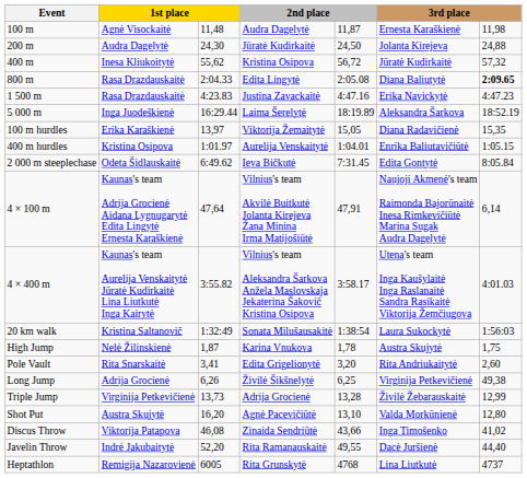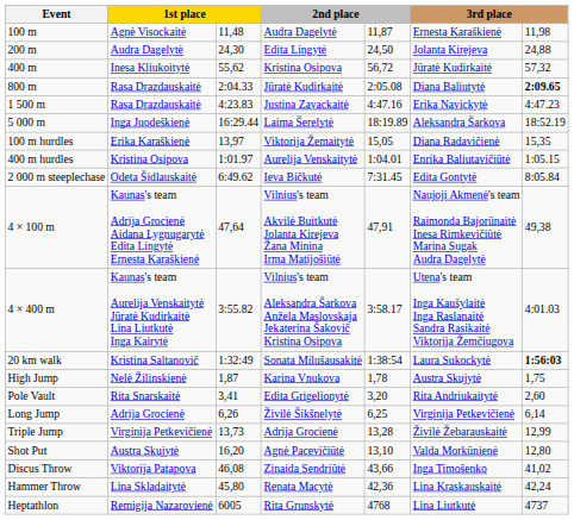 <table class="wikitable">
 <tr>
 <th>Event</th>
 <th style="background:gold;" colspan=2>1st place</th>
 <th style="background:silver;" colspan=2>2nd place</th>
 <th style="background:#CC9966;" colspan=2>3rd place</th>
 </tr>
 <tr>
 <td>100 m</td>
 <td><a href='#'>Agnė Visockaitė</a></td>
 <td>11,48</td>
 <td><a href='#'>Audra Dagelytė</a></td>
 <td>11,87</td>
 <td><a href='#'>Ernesta Karaškienė</a></td>
 <td>11,98</td>
 </tr>
 <tr>
 <td>200 m</td>
 <td><a href='#'>Audra Dagelytė</a></td>
 <td>24,30</td>
-<td><a href='#'>Jūratė Kudirkaitė</a></td>
+<td><a href='#'>Edita Lingytė</a></td>
 <td>24,50</td>
 <td><a href='#'>Jolanta Kirejeva</a></td>
 <td>24,88</td>
 </tr>
 <tr>
 <td>400 m</td>
 <td><a href='#'>Inesa Kliukoitytė</a></td>
 <td>55,62</td>
 <td><a href='#'>Kristina Osipova</a></td>
 <td>56,72</td>
 <td><a href='#'>Jūratė Kudirkaitė</a></td>
 <td>57,32</td>
 </tr>
 <tr>
 <td>800 m</td>
 <td><a href='#'>Rasa Drazdauskaitė</a></td>
 <td>2:04.33</td>
-<td><a href='#'>Edita Lingytė</a></td>
+<td><a href='#'>Jūratė Kudirkaitė</a></td>
 <td>2:05.08</td>
 <td><a href='#'>Diana Baliutytė</a></td>
 <td><strong>2:09.65</strong></td>
 </tr>
 <tr>
 <td>1 500 m</td>
 <td><a href='#'>Rasa Drazdauskaitė</a></td>
 <td>4:23.83</td>
 <td><a href='#'>Justina Zavackaitė</a></td>
 <td>4:47.16</td>
 <td><a href='#'>Erika Navickytė</a></td>
 <td>4:47.23</td>
 </tr>
 <tr>
 <td>5 000 m</td>
 <td><a href='#'>Inga Juodeškienė</a></td>
 <td>16:29.44</td>
 <td><a href='#'>Laima Šerelytė</a></td>
 <td>18:19.89</td>
 <td><a href='#'>Aleksandra Šarkova</a></td>
 <td>18:52.19</td>
 </tr>
 <tr>
 <td>100 m hurdles</td>
 <td><a href='#'>Erika Karaškienė</a></td>
 <td>13,97</td>
 <td><a href='#'>Viktorija Žemaitytė</a></td>
 <td>15,05</td>
 <td><a href='#'>Diana Radavičienė</a></td>
 <td>15,35</td>
 </tr>
 <tr>
 <td>400 m hurdles</td>
 <td><a href='#'>Kristina Osipova</a></td>
 <td>1:01.97</td>
 <td><a href='#'>Aurelija Venskaitytė</a></td>
 <td>1:04.01</td>
 <td><a href='#'>Enrika Baliutavičiūtė</a></td>
 <td>1:05.15</td>
 </tr>
 <tr>
 <td>2 000 m steeplechase</td>
 <td><a href='#'>Odeta Šidlauskaitė</a></td>
 <td>6:49.62</td>
 <td><a href='#'>Ieva Bičkutė</a></td>
 <td>7:31.45</td>
 <td><a href='#'>Edita Gontytė</a></td>
 <td>8:05.84</td>
 </tr>
 <tr>
 <td>4 × 100 m</td>
 <td><a href='#'>Kaunas</a>'s team <br><br><a href='#'>Adrija Grocienė</a> <br> <a href='#'>Aidana Lygnugarytė</a> <br> <a href='#'>Edita Lingytė</a> <br> <a href='#'>Ernesta Karaškienė</a></td>
 <td>47,64</td>
 <td><a href='#'>Vilnius</a>'s team<br><br><a href='#'>Akvilė Buitkutė</a> <br> <a href='#'>Jolanta Kirejeva</a> <br> <a href='#'>Žana Minina</a> <br> <a href='#'>Irma Matijošiūtė</a></td>
 <td>47,91</td>
 <td><a href='#'>Naujoji Akmenė</a>'s team <br><br><a href='#'>Raimonda Bajorūnaitė</a> <br> <a href='#'>Inesa Rimkevičiūtė</a> <br> <a href='#'>Marina Sugak</a> <br> <a href='#'>Audra Dagelytė</a></td>
-<td>6,14</td>
+<td>49,38</td>
 </tr>
 <tr>
 <td>4 × 400 m</td>
 <td><a href='#'>Kaunas</a>'s team <br><br><a href='#'>Aurelija Venskaitytė</a> <br> <a href='#'>Jūratė Kudirkaitė</a> <br> <a href='#'>Lina Liutkutė</a> <br> <a href='#'>Inga Kairytė</a></td>
 <td>3:55.82</td>
 <td><a href='#'>Vilnius</a>'s team <br><br><a href='#'>Aleksandra Šarkova</a> <br> <a href='#'>Anžela Maslovskaja</a> <br> <a href='#'>Jekaterina Šakovič</a> <br> <a href='#'>Kristina Osipova</a></td>
 <td>3:58.17</td>
 <td><a href='#'>Utena</a>'s team <br><br><a href='#'>Inga Kaušylaitė</a> <br> <a href='#'>Inga Raslanaitė</a> <br> <a href='#'>Sandra Rasikaitė</a> <br> <a href='#'>Viktorija Žemčiugova</a></td>
 <td>4:01.03</td>
 </tr>
 <tr>
 <td>20 km walk</td>
 <td><a href='#'>Kristina Saltanovič</a></td>
 <td>1:32:49</td>
 <td><a href='#'>Sonata Milušausakitė</a></td>
 <td>1:38:54</td>
 <td><a href='#'>Laura Sukockytė</a></td>
-<td>1:56:03</td>
+<td><strong>1:56:03</strong></td>
 </tr>
 <tr>
 <td>High Jump</td>
 <td><a href='#'>Nelė Žilinskienė</a></td>
 <td>1,87</td>
 <td><a href='#'>Karina Vnukova</a></td>
 <td>1,78</td>
 <td><a href='#'>Austra Skujytė</a></td>
 <td>1,75</td>
 </tr>
 <tr>
 <td>Pole Vault</td>
 <td><a href='#'>Rita Snarskaitė</a></td>
 <td>3,41</td>
 <td><a href='#'>Edita Grigelionytė</a></td>
 <td>3,20</td>
 <td><a href='#'>Rita Andriukaitytė</a></td>
 <td>2,60</td>
 </tr>
 <tr>
 <td>Long Jump</td>
 <td><a href='#'>Adrija Grocienė</a></td>
 <td>6,26</td>
 <td><a href='#'>Živilė Šikšnelytė</a></td>
 <td>6,25</td>
 <td><a href='#'>Virginija Petkevičienė</a></td>
-<td>49,38</td>
+<td>6,14</td>
 </tr>
 <tr>
 <td>Triple Jump</td>
 <td><a href='#'>Virginija Petkevičienė</a></td>
 <td>13,73</td>
 <td><a href='#'>Adrija Grocienė</a></td>
 <td>13,28</td>
 <td><a href='#'>Živilė Žebarauskaitė</a></td>
 <td>12,99</td>
 </tr>
 <tr>
 <td>Shot Put</td>
 <td><a href='#'>Austra Skujytė</a></td>
 <td>16,20</td>
 <td><a href='#'>Agnė Pacevičiūtė</a></td>
 <td>13,10</td>
 <td><a href='#'>Valda Morkūnienė</a></td>
 <td>12,80</td>
 </tr>
 <tr>
 <td>Discus Throw</td>
 <td><a href='#'>Viktorija Patapova</a></td>
 <td>46,08</td>
 <td><a href='#'>Zinaida Sendriūtė</a></td>
 <td>43,66</td>
 <td><a href='#'>Inga Timošenko</a></td>
 <td>41,02</td>
 </tr>
 <tr>
-<td>Javelin Throw</td>
-<td><a href='#'>Indrė Jakubaitytė</a></td>
-<td>52,20</td>
-<td><a href='#'>Rita Ramanauskaitė</a></td>
-<td>49,55</td>
-<td><a href='#'>Dacė Juršienė</a></td>
-<td>44,40</td>
+<td>Hammer Throw</td>
+<td><a href='#'>Lina Skladaitytė</a></td>
+<td>45,80</td>
+<td><a href='#'>Renata Macytė</a></td>
+<td>42,36</td>
+<td><a href='#'>Lina Kraskauskaitė</a></td>
+<td>42,24</td>
 </tr>
 <tr>
 <td>Heptathlon</td>
 <td><a href='#'>Remigija Nazarovienė</a></td>
 <td>6005</td>
 <td><a href='#'>Rita Grunskytė</a></td>
 <td>4768</td>
 <td><a href='#'>Lina Liutkutė</a></td>
 <td>4737</td>
 </tr>
 </table>
